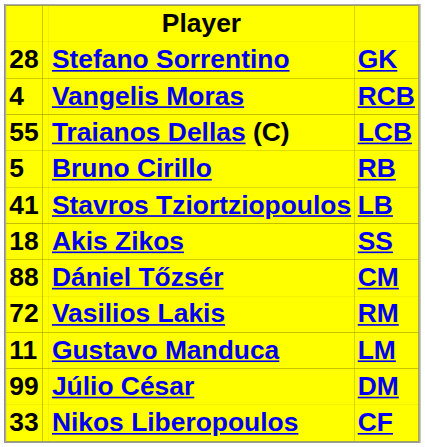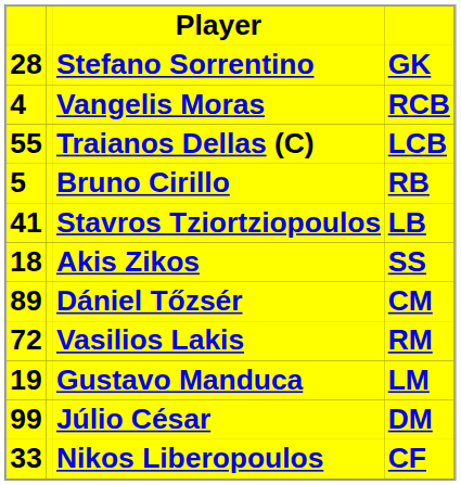 <table class="toccolours" border="0" cellpadding="2" cellspacing="0" align="center" style="margin: 0.5em 0 1em 1em; background: #000000; border: 1px #aaaaaa solid;">
 <tr bgcolor=#FFFF00>
 <th></th>
 <th></th>
 <th>Player</th>
 <th></th>
 </tr>
 <tr bgcolor=#FFFF00>
 <td><strong>28</strong></td>
 <td></td>
 <td><a href='#'><span><strong>Stefano Sorrentino</strong></span></a></td>
 <td><a href='#'><strong>GK</strong></a></td>
 </tr>
 <tr bgcolor=#FFFF00>
 <td><strong>4</strong></td>
 <td></td>
 <td><a href='#'><span><strong>Vangelis Moras</strong></span></a></td>
 <td><a href='#'><strong>RCB</strong></a></td>
 </tr>
 <tr bgcolor=#FFFF00>
 <td><strong>55</strong></td>
 <td></td>
 <td><a href='#'><span><strong>Traianos Dellas</strong></span></a> <strong>(C)</strong></td>
 <td><a href='#'><strong>LCB</strong></a></td>
 </tr>
 <tr bgcolor=#FFFF00>
 <td><strong>5</strong></td>
 <td></td>
 <td><a href='#'><span><strong>Bruno Cirillo</strong></span></a></td>
 <td><a href='#'><strong>RB</strong></a></td>
 </tr>
 <tr bgcolor=#FFFF00>
 <td><strong>41</strong></td>
 <td></td>
 <td><a href='#'><span><strong>Stavros Tziortziopoulos</strong></span></a></td>
 <td><a href='#'><strong>LB</strong></a></td>
 </tr>
 <tr bgcolor=#FFFF00>
 <td><strong>18</strong></td>
 <td></td>
 <td><a href='#'><span><strong>Akis Zikos</strong></span></a></td>
 <td><a href='#'><strong>SS</strong></a></td>
 </tr>
 <tr bgcolor=#FFFF00>
-<td><strong>88</strong></td>
+<td><strong>89</strong></td>
 <td></td>
 <td><a href='#'><span><strong>Dániel Tőzsér</strong></span></a></td>
 <td><a href='#'><strong>CM</strong></a></td>
 </tr>
 <tr bgcolor=#FFFF00>
 <td><strong>72</strong></td>
 <td></td>
 <td><a href='#'><span><strong>Vasilios Lakis</strong></span></a></td>
 <td><a href='#'><strong>RM</strong></a></td>
 </tr>
 <tr bgcolor=#FFFF00>
-<td><strong>11</strong></td>
+<td><strong>19</strong></td>
 <td></td>
 <td><a href='#'><span><strong>Gustavo Manduca</strong></span></a></td>
 <td><a href='#'><strong>LM</strong></a></td>
 </tr>
 <tr bgcolor=#FFFF00>
 <td><strong>99</strong></td>
 <td></td>
 <td><a href='#'><span><strong>Júlio César</strong></span></a></td>
 <td><a href='#'><strong>DM</strong></a></td>
 </tr>
 <tr bgcolor=#FFFF00>
 <td><strong>33</strong></td>
 <td></td>
 <td><a href='#'><span><strong>Nikos Liberopoulos</strong></span></a></td>
 <td><a href='#'><strong>CF</strong></a></td>
 </tr>
 </table>
